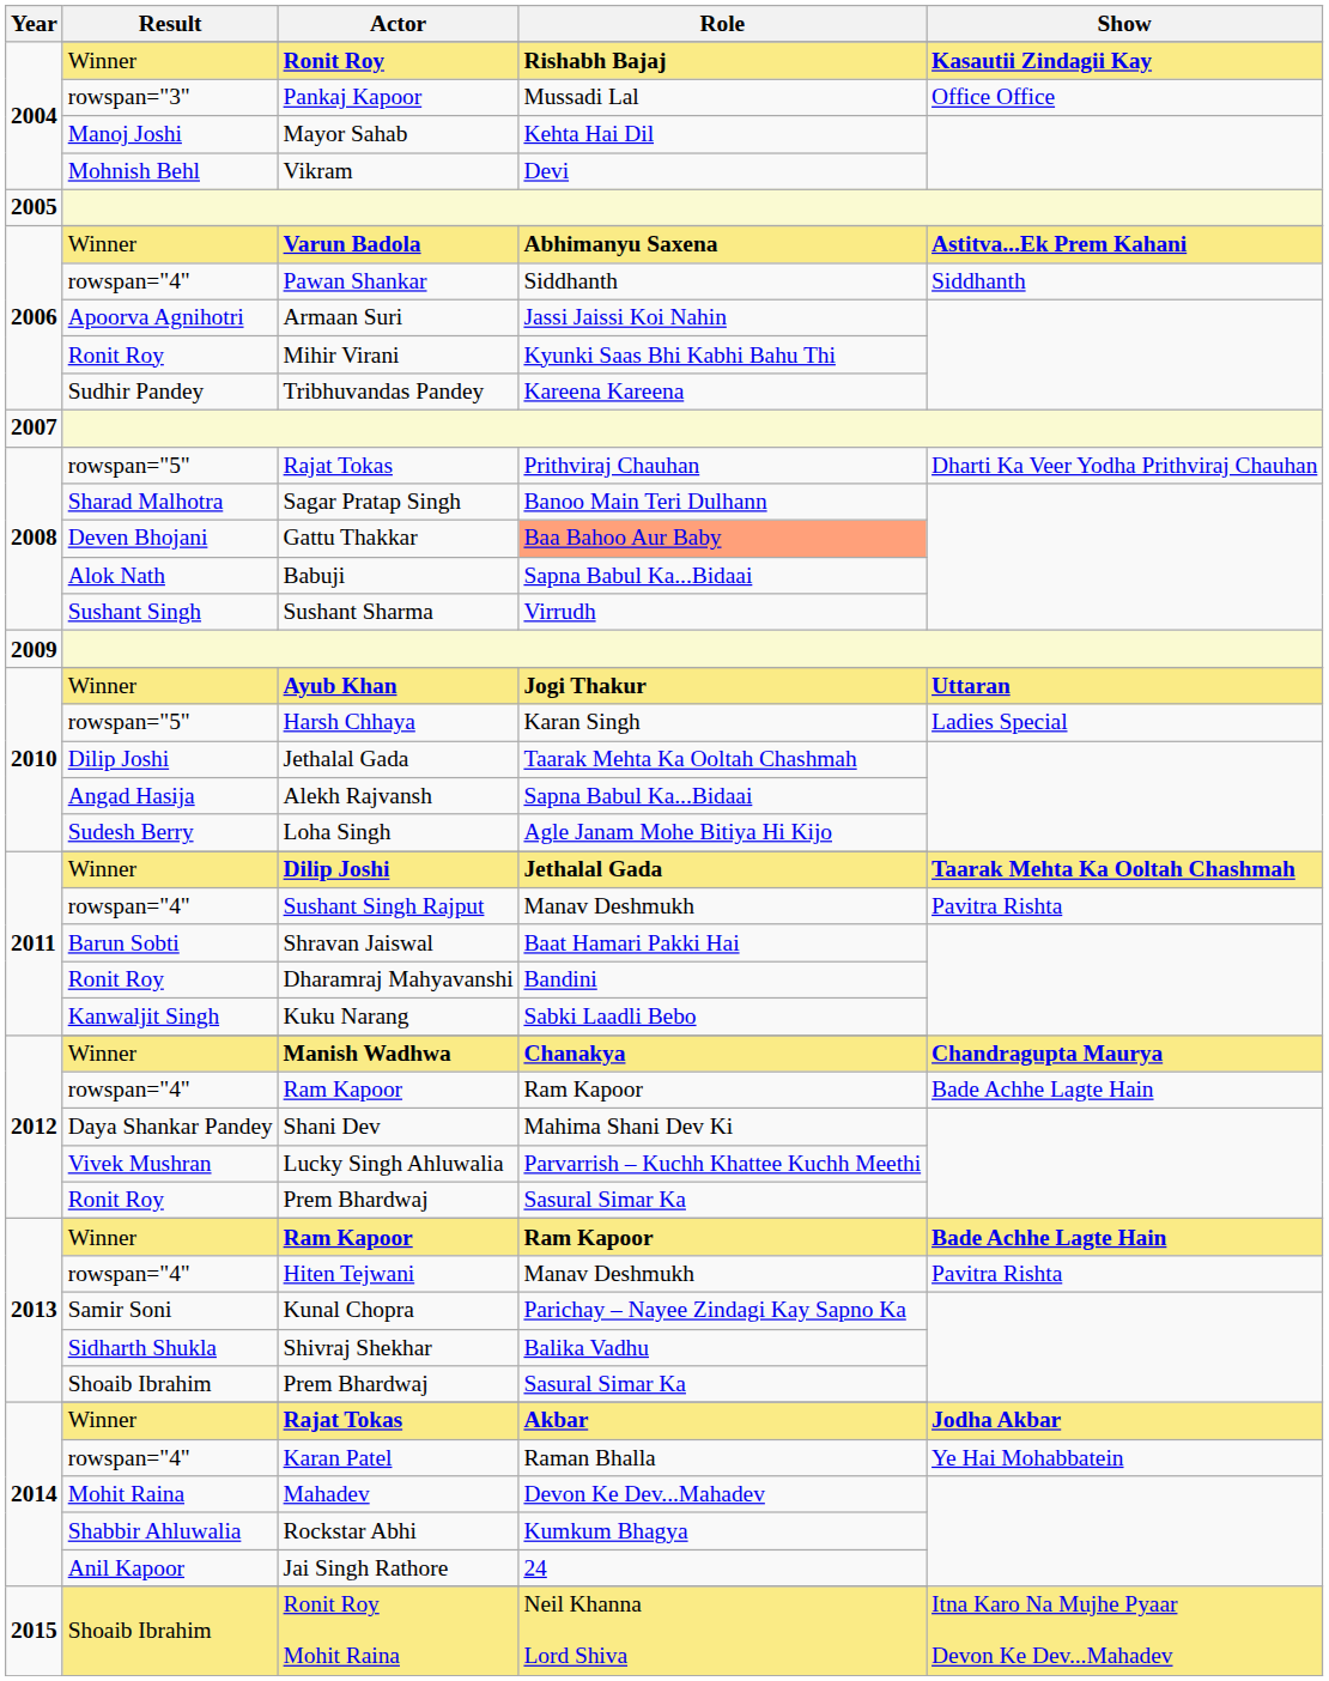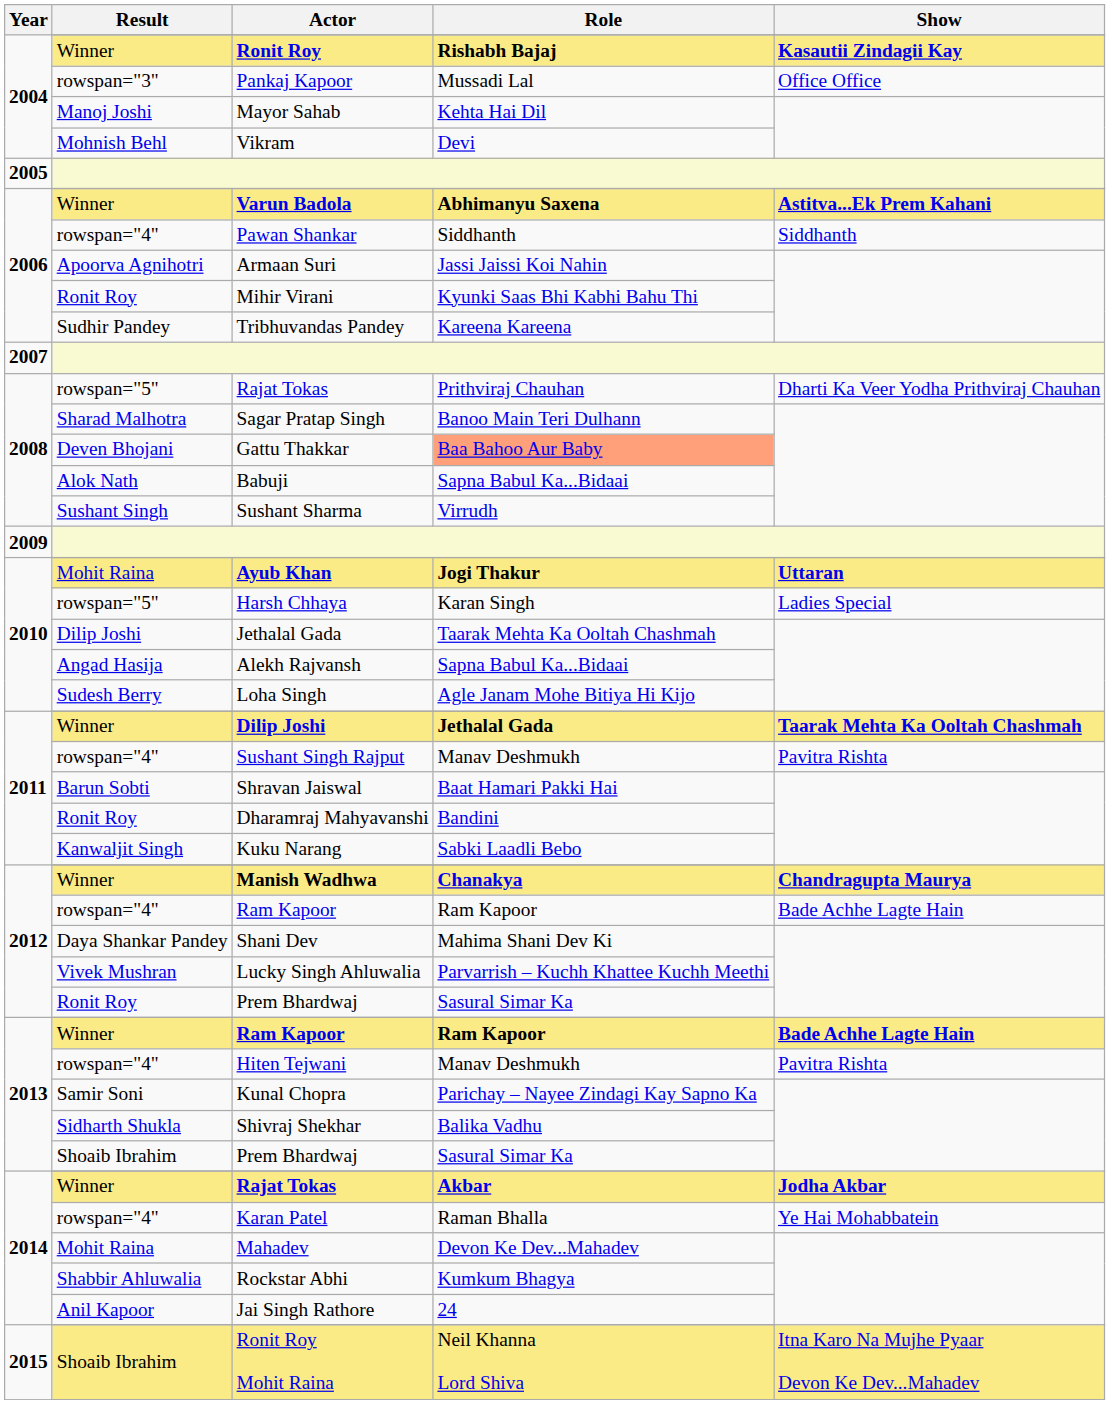 <table class="wikitable">
 <tr>
 <th>Year</th>
 <th>Result</th>
 <th>Actor</th>
 <th>Role</th>
 <th>Show</th>
 </tr>
 <tr>
 <td rowspan="5"><strong>2004</strong></td>
 </tr>
 <tr style="background:#FAEB86">
 <td>Winner</td>
 <td><strong><a href='#'>Ronit Roy</a></strong></td>
 <td><strong>Rishabh Bajaj</strong></td>
 <td><a href='#'><strong>Kasautii Zindagii Kay</strong></a></td>
 </tr>
 <tr>
 <td>rowspan="3" </td>
 <td><a href='#'>Pankaj Kapoor</a></td>
 <td>Mussadi Lal</td>
 <td><a href='#'>Office Office</a></td>
 </tr>
 <tr>
 <td><a href='#'>Manoj Joshi</a></td>
 <td>Mayor Sahab</td>
 <td><a href='#'>Kehta Hai Dil</a></td>
 </tr>
 <tr>
 <td><a href='#'>Mohnish Behl</a></td>
 <td>Vikram</td>
 <td><a href='#'>Devi</a></td>
 </tr>
 <tr>
 <td><strong>2005</strong></td>
 <td colspan="4" style="background:#FAFAD2"></td>
 </tr>
 <tr>
 <td rowspan="6"><strong>2006</strong></td>
 </tr>
 <tr style="background:#FAEB86">
 <td>Winner</td>
 <td><strong><a href='#'>Varun Badola</a></strong></td>
 <td><strong>Abhimanyu Saxena</strong></td>
 <td><strong><a href='#'>Astitva...Ek Prem Kahani</a></strong></td>
 </tr>
 <tr>
 <td>rowspan="4" </td>
 <td><a href='#'>Pawan Shankar</a></td>
 <td>Siddhanth</td>
 <td><a href='#'>Siddhanth</a></td>
 </tr>
 <tr>
 <td><a href='#'>Apoorva Agnihotri</a></td>
 <td>Armaan Suri</td>
 <td><a href='#'>Jassi Jaissi Koi Nahin</a></td>
 </tr>
 <tr>
 <td><a href='#'>Ronit Roy</a></td>
 <td>Mihir Virani</td>
 <td><a href='#'>Kyunki Saas Bhi Kabhi Bahu Thi</a></td>
 </tr>
 <tr>
 <td>Sudhir Pandey</td>
 <td>Tribhuvandas Pandey</td>
 <td><a href='#'>Kareena Kareena</a></td>
 </tr>
 <tr>
 <td><strong>2007</strong></td>
 <td colspan="4" style="background:#FAFAD2"></td>
 </tr>
 <tr>
 <td rowspan="5"><strong>2008</strong></td>
 <td>rowspan="5" </td>
 <td><a href='#'>Rajat Tokas</a></td>
 <td><a href='#'>Prithviraj Chauhan</a></td>
 <td><a href='#'>Dharti Ka Veer Yodha Prithviraj Chauhan</a></td>
 </tr>
 <tr>
 <td><a href='#'>Sharad Malhotra</a></td>
 <td>Sagar Pratap Singh</td>
 <td><a href='#'>Banoo Main Teri Dulhann</a></td>
 </tr>
 <tr>
 <td><a href='#'>Deven Bhojani</a></td>
 <td>Gattu Thakkar</td>
 <td style="background: lightsalmon;"><a href='#'>Baa Bahoo Aur Baby</a></td>
 </tr>
 <tr>
 <td><a href='#'>Alok Nath</a></td>
 <td>Babuji</td>
 <td><a href='#'>Sapna Babul Ka...Bidaai</a></td>
 </tr>
 <tr>
 <td><a href='#'>Sushant Singh</a></td>
 <td>Sushant Sharma</td>
 <td><a href='#'>Virrudh</a></td>
 </tr>
 <tr>
 <td><strong>2009</strong></td>
 <td colspan="4" style="background:#FAFAD2"></td>
 </tr>
 <tr>
 <td rowspan="6"><strong>2010</strong></td>
 </tr>
 <tr style="background:#FAEB86">
-<td>Winner</td>
+<td><a href='#'>Mohit Raina</a></td>
 <td><strong><a href='#'>Ayub Khan</a></strong></td>
 <td><strong>Jogi Thakur</strong></td>
 <td><strong><a href='#'>Uttaran</a></strong></td>
 </tr>
 <tr>
 <td>rowspan="5" </td>
 <td><a href='#'>Harsh Chhaya</a></td>
 <td>Karan Singh</td>
 <td><a href='#'>Ladies Special</a></td>
 </tr>
 <tr>
 <td><a href='#'>Dilip Joshi</a></td>
 <td>Jethalal Gada</td>
 <td><a href='#'>Taarak Mehta Ka Ooltah Chashmah</a></td>
 </tr>
 <tr>
 <td><a href='#'>Angad Hasija</a></td>
 <td>Alekh Rajvansh</td>
 <td><a href='#'>Sapna Babul Ka...Bidaai</a></td>
 </tr>
 <tr>
 <td><a href='#'>Sudesh Berry</a></td>
 <td>Loha Singh</td>
 <td><a href='#'>Agle Janam Mohe Bitiya Hi Kijo</a></td>
 </tr>
 <tr>
 <td rowspan="6"><strong>2011</strong></td>
 </tr>
 <tr style="background:#FAEB86">
 <td>Winner</td>
 <td><strong><a href='#'>Dilip Joshi</a></strong></td>
 <td><strong>Jethalal Gada</strong></td>
 <td><strong><a href='#'>Taarak Mehta Ka Ooltah Chashmah</a></strong></td>
 </tr>
 <tr>
 <td>rowspan="4" </td>
 <td><a href='#'>Sushant Singh Rajput</a></td>
 <td>Manav Deshmukh</td>
 <td><a href='#'>Pavitra Rishta</a></td>
 </tr>
 <tr>
 <td><a href='#'>Barun Sobti</a></td>
 <td>Shravan Jaiswal</td>
 <td><a href='#'>Baat Hamari Pakki Hai</a></td>
 </tr>
 <tr>
 <td><a href='#'>Ronit Roy</a></td>
 <td>Dharamraj Mahyavanshi</td>
 <td><a href='#'>Bandini</a></td>
 </tr>
 <tr>
 <td><a href='#'>Kanwaljit Singh</a></td>
 <td>Kuku Narang</td>
 <td><a href='#'>Sabki Laadli Bebo</a></td>
 </tr>
 <tr>
 <td rowspan="6"><strong>2012</strong></td>
 </tr>
 <tr style="background:#FAEB86">
 <td>Winner</td>
 <td><strong>Manish Wadhwa</strong></td>
 <td><strong><a href='#'>Chanakya</a></strong></td>
 <td><strong><a href='#'>Chandragupta Maurya</a></strong></td>
 </tr>
 <tr>
 <td>rowspan="4" </td>
 <td><a href='#'>Ram Kapoor</a></td>
 <td>Ram Kapoor</td>
 <td><a href='#'>Bade Achhe Lagte Hain</a></td>
 </tr>
 <tr>
 <td>Daya Shankar Pandey</td>
 <td>Shani Dev</td>
 <td>Mahima Shani Dev Ki</td>
 </tr>
 <tr>
 <td><a href='#'>Vivek Mushran</a></td>
 <td>Lucky Singh Ahluwalia</td>
 <td><a href='#'>Parvarrish – Kuchh Khattee Kuchh Meethi</a></td>
 </tr>
 <tr>
 <td><a href='#'>Ronit Roy</a></td>
 <td>Prem Bhardwaj</td>
 <td><a href='#'>Sasural Simar Ka</a></td>
 </tr>
 <tr>
 <td rowspan="6"><strong>2013</strong></td>
 </tr>
 <tr style="background:#FAEB86">
 <td>Winner</td>
 <td><strong><a href='#'>Ram Kapoor</a></strong></td>
 <td><strong>Ram Kapoor</strong></td>
 <td><strong><a href='#'>Bade Achhe Lagte Hain</a></strong></td>
 </tr>
 <tr>
 <td>rowspan="4" </td>
 <td><a href='#'>Hiten Tejwani</a></td>
 <td>Manav Deshmukh</td>
 <td><a href='#'>Pavitra Rishta</a></td>
 </tr>
 <tr>
 <td>Samir Soni</td>
 <td>Kunal Chopra</td>
 <td><a href='#'>Parichay – Nayee Zindagi Kay Sapno Ka</a></td>
 </tr>
 <tr>
 <td><a href='#'>Sidharth Shukla</a></td>
 <td>Shivraj Shekhar</td>
 <td><a href='#'>Balika Vadhu</a></td>
 </tr>
 <tr>
 <td>Shoaib Ibrahim</td>
 <td>Prem Bhardwaj</td>
 <td><a href='#'>Sasural Simar Ka</a></td>
 </tr>
 <tr>
 <td rowspan="6"><strong>2014</strong></td>
 </tr>
 <tr style="background:#FAEB86">
 <td>Winner</td>
 <td><strong><a href='#'>Rajat Tokas</a></strong></td>
 <td><strong><a href='#'>Akbar</a></strong></td>
 <td><strong><a href='#'>Jodha Akbar</a></strong></td>
 </tr>
 <tr>
 <td>rowspan="4" </td>
 <td><a href='#'>Karan Patel</a></td>
 <td>Raman Bhalla</td>
 <td><a href='#'>Ye Hai Mohabbatein</a></td>
 </tr>
 <tr>
 <td><a href='#'>Mohit Raina</a></td>
 <td><a href='#'>Mahadev</a></td>
 <td><a href='#'>Devon Ke Dev...Mahadev</a></td>
 </tr>
 <tr>
 <td><a href='#'>Shabbir Ahluwalia</a></td>
 <td>Rockstar Abhi</td>
 <td><a href='#'>Kumkum Bhagya</a></td>
 </tr>
 <tr>
 <td><a href='#'>Anil Kapoor</a></td>
 <td>Jai Singh Rathore</td>
 <td><a href='#'>24</a></td>
 </tr>
 <tr>
 <td rowspan="6"><strong>2015</strong></td>
 </tr>
 <tr style="background:#FAEB86">
 <td>Shoaib Ibrahim</td>
 <td><a href='#'>Ronit Roy</a><br><br><a href='#'>Mohit Raina</a></td>
 <td>Neil Khanna<br><br><a href='#'>Lord Shiva</a></td>
 <td><a href='#'>Itna Karo Na Mujhe Pyaar</a><br><br><a href='#'>Devon Ke Dev...Mahadev</a></td>
 </tr>
 <tr>
 </tr>
 </table>
